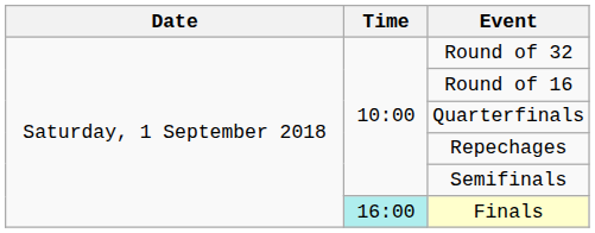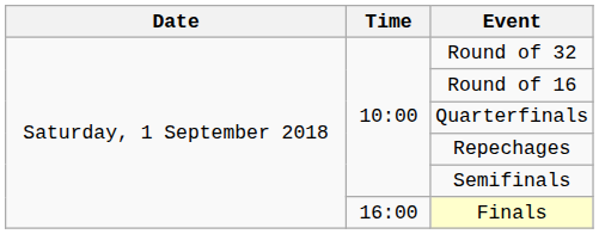 <table class = "wikitable" style="text-align:center;">
 <tr>
 <th width=220>Date</th>
 <th width=50>Time</th>
 <th width=100>Event</th>
 </tr>
 <tr>
 <td rowspan=6>Saturday, 1 September 2018</td>
 <td rowspan=5>10:00</td>
 <td>Round of 32</td>
 </tr>
 <tr>
 <td>Round of 16</td>
 </tr>
 <tr>
 <td>Quarterfinals</td>
 </tr>
 <tr>
 <td>Repechages</td>
 </tr>
 <tr>
 <td>Semifinals</td>
 </tr>
 <tr>
-<td style="background: paleturquoise;">16:00</td>
+<td>16:00</td>
 <td bgcolor=ffffcc>Finals</td>
 </tr>
 </table>
